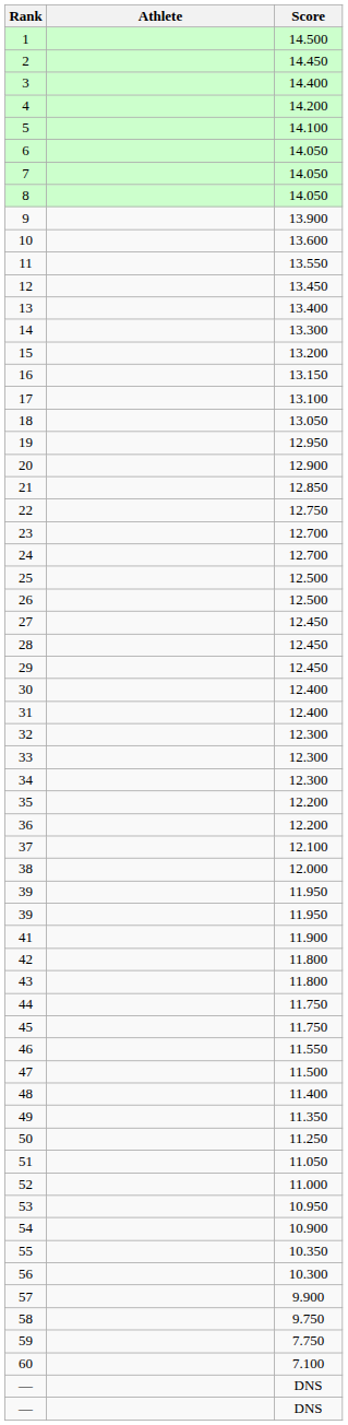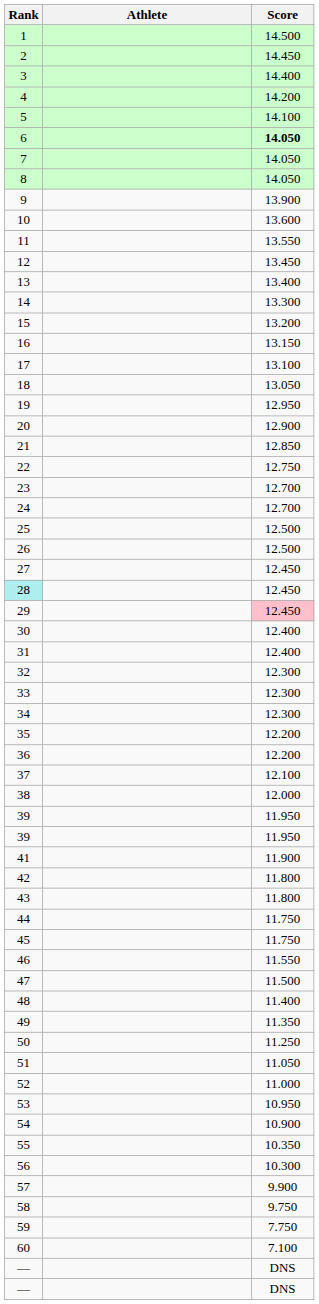 <table class=wikitable style="text-align:center">
 <tr>
 <th width=40>Rank</th>
 <th width=250>Athlete</th>
 <th width=70>Score</th>
 </tr>
 <tr bgcolor="ccffcc">
 <td>1</td>
 <td align=left></td>
 <td>14.500</td>
 </tr>
 <tr bgcolor="ccffcc">
 <td>2</td>
 <td align=left></td>
 <td>14.450</td>
 </tr>
 <tr bgcolor="ccffcc">
 <td>3</td>
 <td align=left></td>
 <td>14.400</td>
 </tr>
 <tr bgcolor="ccffcc">
 <td>4</td>
 <td align=left></td>
 <td>14.200</td>
 </tr>
 <tr bgcolor="ccffcc">
 <td>5</td>
 <td align=left></td>
 <td>14.100</td>
 </tr>
 <tr bgcolor="ccffcc">
 <td>6 </td>
 <td align=left></td>
-<td>14.050</td>
+<td><strong>14.050</strong></td>
 </tr>
 <tr bgcolor="ccffcc">
 <td>7</td>
 <td align=left></td>
 <td>14.050</td>
 </tr>
 <tr bgcolor="ccffcc">
 <td>8</td>
 <td align=left></td>
 <td>14.050</td>
 </tr>
 <tr>
 <td>9 </td>
 <td align=left></td>
 <td>13.900</td>
 </tr>
 <tr>
 <td>10</td>
 <td align=left></td>
 <td>13.600</td>
 </tr>
 <tr>
 <td>11</td>
 <td align=left></td>
 <td>13.550</td>
 </tr>
 <tr>
 <td>12</td>
 <td align=left></td>
 <td>13.450</td>
 </tr>
 <tr>
 <td>13</td>
 <td align=left></td>
 <td>13.400</td>
 </tr>
 <tr>
 <td>14</td>
 <td align=left></td>
 <td>13.300</td>
 </tr>
 <tr>
 <td>15</td>
 <td align=left></td>
 <td>13.200</td>
 </tr>
 <tr>
 <td>16</td>
 <td align=left></td>
 <td>13.150</td>
 </tr>
 <tr>
 <td>17</td>
 <td align=left></td>
 <td>13.100</td>
 </tr>
 <tr>
 <td>18</td>
 <td align=left></td>
 <td>13.050</td>
 </tr>
 <tr>
 <td>19</td>
 <td align=left></td>
 <td>12.950</td>
 </tr>
 <tr>
 <td>20</td>
 <td align=left></td>
 <td>12.900</td>
 </tr>
 <tr>
 <td>21</td>
 <td align=left></td>
 <td>12.850</td>
 </tr>
 <tr>
 <td>22</td>
 <td align=left></td>
 <td>12.750</td>
 </tr>
 <tr>
 <td>23</td>
 <td align=left></td>
 <td>12.700</td>
 </tr>
 <tr>
 <td>24</td>
 <td align=left></td>
 <td>12.700</td>
 </tr>
 <tr>
 <td>25</td>
 <td align=left></td>
 <td>12.500</td>
 </tr>
 <tr>
 <td>26</td>
 <td align=left></td>
 <td>12.500</td>
 </tr>
 <tr>
 <td>27</td>
 <td align=left></td>
 <td>12.450</td>
 </tr>
 <tr>
-<td>28</td>
+<td style="background: paleturquoise;">28</td>
 <td align=left></td>
 <td>12.450</td>
 </tr>
 <tr>
 <td>29</td>
 <td align=left></td>
-<td>12.450</td>
+<td style="background: pink;">12.450</td>
 </tr>
 <tr>
 <td>30</td>
 <td align=left></td>
 <td>12.400</td>
 </tr>
 <tr>
 <td>31</td>
 <td align=left></td>
 <td>12.400</td>
 </tr>
 <tr>
 <td>32</td>
 <td align=left></td>
 <td>12.300</td>
 </tr>
 <tr>
 <td>33</td>
 <td align=left></td>
 <td>12.300</td>
 </tr>
 <tr>
 <td>34</td>
 <td align=left></td>
 <td>12.300</td>
 </tr>
 <tr>
 <td>35</td>
 <td align=left></td>
 <td>12.200</td>
 </tr>
 <tr>
 <td>36</td>
 <td align=left></td>
 <td>12.200</td>
 </tr>
 <tr>
 <td>37</td>
 <td align=left></td>
 <td>12.100</td>
 </tr>
 <tr>
 <td>38</td>
 <td align=left></td>
 <td>12.000</td>
 </tr>
 <tr>
 <td>39</td>
 <td align=left></td>
 <td>11.950</td>
 </tr>
 <tr>
 <td>39</td>
 <td align=left></td>
 <td>11.950</td>
 </tr>
 <tr>
 <td>41</td>
 <td align=left></td>
 <td>11.900</td>
 </tr>
 <tr>
 <td>42</td>
 <td align=left></td>
 <td>11.800</td>
 </tr>
 <tr>
 <td>43</td>
 <td align=left></td>
 <td>11.800</td>
 </tr>
 <tr>
 <td>44</td>
 <td align=left></td>
 <td>11.750</td>
 </tr>
 <tr>
 <td>45</td>
 <td align=left></td>
 <td>11.750</td>
 </tr>
 <tr>
 <td>46</td>
 <td align=left></td>
 <td>11.550</td>
 </tr>
 <tr>
 <td>47</td>
 <td align=left></td>
 <td>11.500</td>
 </tr>
 <tr>
 <td>48</td>
 <td align=left></td>
 <td>11.400</td>
 </tr>
 <tr>
 <td>49</td>
 <td align=left></td>
 <td>11.350</td>
 </tr>
 <tr>
 <td>50</td>
 <td align=left></td>
 <td>11.250</td>
 </tr>
 <tr>
 <td>51</td>
 <td align=left></td>
 <td>11.050</td>
 </tr>
 <tr>
 <td>52</td>
 <td align=left></td>
 <td>11.000</td>
 </tr>
 <tr>
 <td>53</td>
 <td align=left></td>
 <td>10.950</td>
 </tr>
 <tr>
 <td>54</td>
 <td align=left></td>
 <td>10.900</td>
 </tr>
 <tr>
 <td>55</td>
 <td align=left></td>
 <td>10.350</td>
 </tr>
 <tr>
 <td>56</td>
 <td align=left></td>
 <td>10.300</td>
 </tr>
 <tr>
 <td>57</td>
 <td align=left></td>
 <td>9.900</td>
 </tr>
 <tr>
 <td>58</td>
 <td align=left></td>
 <td>9.750</td>
 </tr>
 <tr>
 <td>59</td>
 <td align=left></td>
 <td>7.750</td>
 </tr>
 <tr>
 <td>60</td>
 <td align=left></td>
 <td>7.100</td>
 </tr>
 <tr>
 <td>—</td>
 <td align=left></td>
 <td>DNS</td>
 </tr>
 <tr>
 <td>—</td>
 <td align=left></td>
 <td>DNS</td>
 </tr>
 </table>
